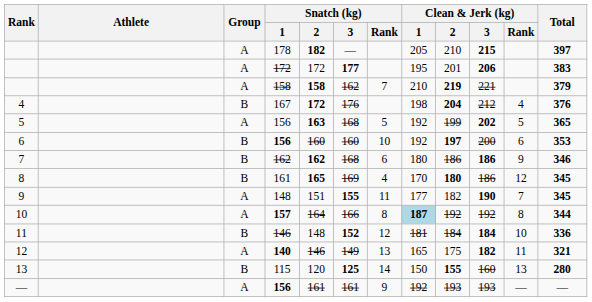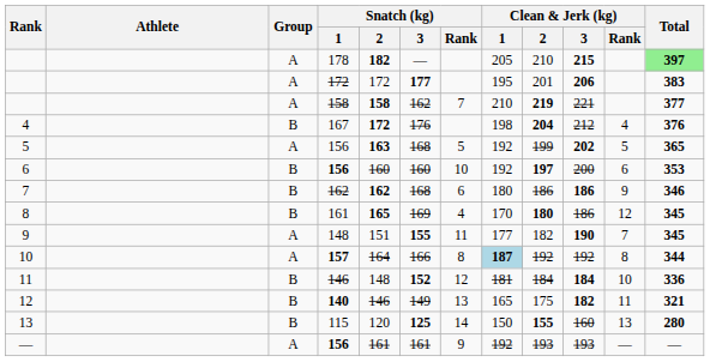 <table class = "wikitable" style="text-align:center;">
 <tr>
 <th rowspan=2 width=40>Rank</th>
 <th rowspan=2 width=250>Athlete</th>
 <th rowspan=2 width=50>Group</th>
 <th colspan=4>Snatch (kg)</th>
 <th colspan=4>Clean & Jerk (kg)</th>
 <th rowspan=2 width=60>Total</th>
 </tr>
 <tr>
 <th width=40>1</th>
 <th width=40>2</th>
 <th width=40>3</th>
 <th width=40>Rank</th>
 <th width=40>1</th>
 <th width=40>2</th>
 <th width=40>3</th>
 <th width=40>Rank</th>
 </tr>
 <tr>
 <td></td>
 <td align=left></td>
 <td>A</td>
 <td>178</td>
 <td><strong>182</strong></td>
 <td>—</td>
 <td></td>
 <td>205</td>
 <td>210</td>
 <td><strong>215</strong></td>
 <td></td>
-<td><strong>397</strong></td>
+<td style="background: lightgreen;"><strong>397</strong></td>
 </tr>
 <tr>
 <td></td>
 <td align=left></td>
 <td>A</td>
 <td><s>172</s></td>
 <td>172</td>
 <td><strong>177</strong></td>
 <td></td>
 <td>195</td>
 <td>201</td>
 <td><strong>206</strong></td>
 <td></td>
 <td><strong>383</strong></td>
 </tr>
 <tr>
 <td></td>
 <td align=left></td>
 <td>A</td>
 <td><s>158</s></td>
 <td><strong>158</strong></td>
 <td><s>162</s></td>
 <td>7</td>
 <td>210</td>
 <td><strong>219</strong></td>
 <td><s>221</s></td>
 <td></td>
-<td><strong>379</strong></td>
+<td><strong>377</strong></td>
 </tr>
 <tr>
 <td>4</td>
 <td align=left></td>
 <td>B</td>
 <td>167</td>
 <td><strong>172</strong></td>
 <td><s>176</s></td>
 <td></td>
 <td>198</td>
 <td><strong>204</strong></td>
 <td><s>212</s></td>
 <td>4</td>
 <td><strong>376</strong></td>
 </tr>
 <tr>
 <td>5</td>
 <td align=left></td>
 <td>A</td>
 <td>156</td>
 <td><strong>163</strong></td>
 <td><s>168</s></td>
 <td>5</td>
 <td>192</td>
 <td><s>199</s></td>
 <td><strong>202</strong></td>
 <td>5</td>
 <td><strong>365</strong></td>
 </tr>
 <tr>
 <td>6</td>
 <td align=left></td>
 <td>B</td>
 <td><strong>156</strong></td>
 <td><s>160</s></td>
 <td><s>160</s></td>
 <td>10</td>
 <td>192</td>
 <td><strong>197</strong></td>
 <td><s>200</s></td>
 <td>6</td>
 <td><strong>353</strong></td>
 </tr>
 <tr>
 <td>7</td>
 <td align=left></td>
 <td>B</td>
 <td><s>162</s></td>
 <td><strong>162</strong></td>
 <td><s>168</s></td>
 <td>6</td>
 <td>180</td>
 <td><s>186</s></td>
 <td><strong>186</strong></td>
 <td>9</td>
 <td><strong>346</strong></td>
 </tr>
 <tr>
 <td>8</td>
 <td align=left></td>
 <td>B</td>
 <td>161</td>
 <td><strong>165</strong></td>
 <td><s>169</s></td>
 <td>4</td>
 <td>170</td>
 <td><strong>180</strong></td>
 <td><s>186</s></td>
 <td>12</td>
 <td><strong>345</strong></td>
 </tr>
 <tr>
 <td>9</td>
 <td align=left></td>
 <td>A</td>
 <td>148</td>
 <td>151</td>
 <td><strong>155</strong></td>
 <td>11</td>
 <td>177</td>
 <td>182</td>
 <td><strong>190</strong></td>
 <td>7</td>
 <td><strong>345</strong></td>
 </tr>
 <tr>
 <td>10</td>
 <td align=left></td>
 <td>A</td>
 <td><strong>157</strong></td>
 <td><s>164</s></td>
 <td><s>166</s></td>
 <td>8</td>
 <td style="background: lightblue;"><strong>187</strong></td>
 <td><s>192</s></td>
 <td><s>192</s></td>
 <td>8</td>
 <td><strong>344</strong></td>
 </tr>
 <tr>
 <td>11</td>
 <td align=left></td>
 <td>B</td>
 <td><s>146</s></td>
 <td>148</td>
 <td><strong>152</strong></td>
 <td>12</td>
 <td><s>181</s></td>
 <td><s>184</s></td>
 <td><strong>184</strong></td>
 <td>10</td>
 <td><strong>336</strong></td>
 </tr>
 <tr>
 <td>12</td>
 <td align=left></td>
-<td>A</td>
+<td>B</td>
 <td><strong>140</strong></td>
 <td><s>146</s></td>
 <td><s>149</s></td>
 <td>13</td>
 <td>165</td>
 <td>175</td>
 <td><strong>182</strong></td>
 <td>11</td>
 <td><strong>321</strong></td>
 </tr>
 <tr>
 <td>13</td>
 <td align=left></td>
 <td>B</td>
 <td>115</td>
 <td>120</td>
 <td><strong>125</strong></td>
 <td>14</td>
 <td>150</td>
 <td><strong>155</strong></td>
 <td><s>160</s></td>
 <td>13</td>
 <td><strong>280</strong></td>
 </tr>
 <tr>
 <td>—</td>
 <td align=left></td>
 <td>A</td>
 <td><strong>156</strong></td>
 <td><s>161</s></td>
 <td><s>161</s></td>
 <td>9</td>
 <td><s>192</s></td>
 <td><s>193</s></td>
 <td><s>193</s></td>
 <td>—</td>
 <td>—</td>
 </tr>
 </table>
